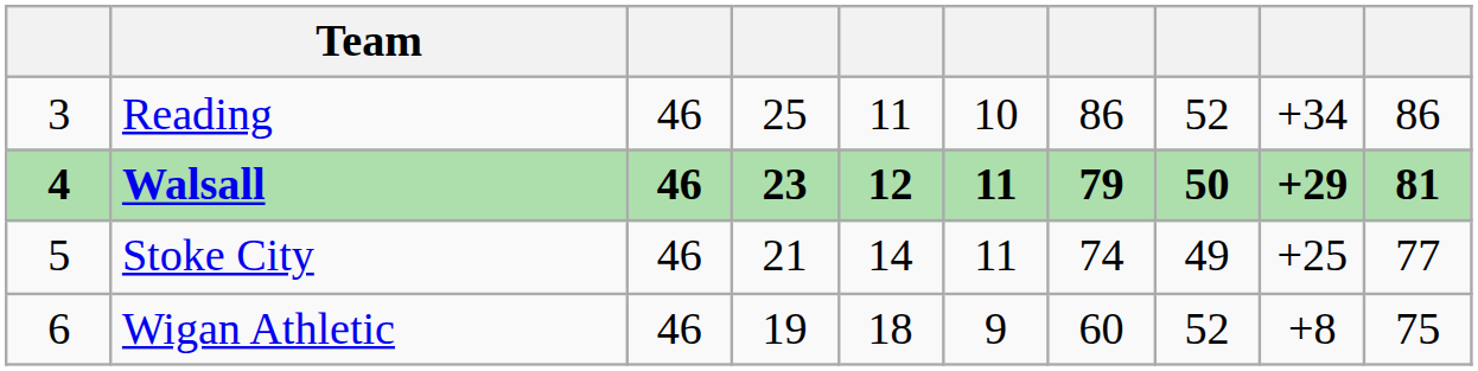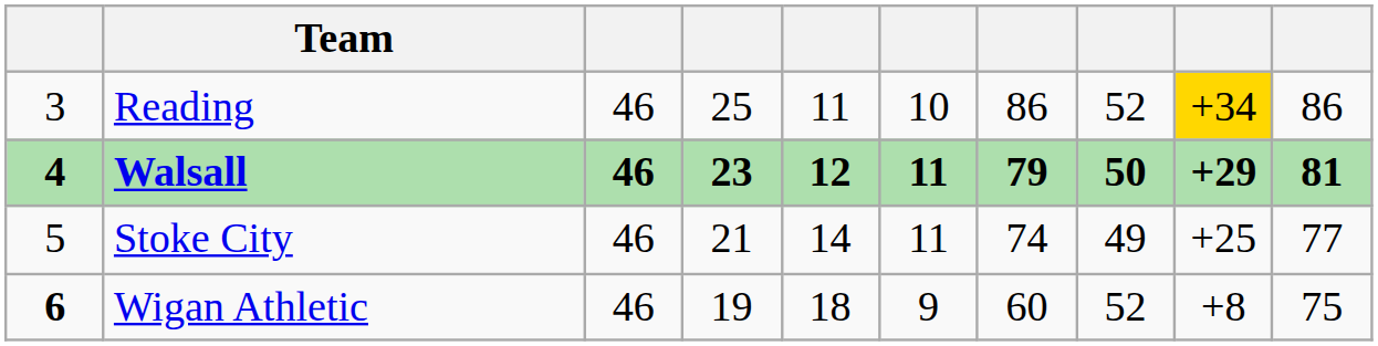 <table class="wikitable" style="text-align:center">
 <tr>
 <th width="30"></th>
 <th width="175">Team</th>
 <th width="30"></th>
 <th width="30"></th>
 <th width="30"></th>
 <th width="30"></th>
 <th width="30"></th>
 <th width="30"></th>
 <th width="30"></th>
 <th width="30"></th>
 </tr>
 <tr>
 <td>3</td>
 <td align=left><a href='#'>Reading</a></td>
 <td>46</td>
 <td>25</td>
 <td>11</td>
 <td>10</td>
 <td>86</td>
 <td>52</td>
-<td>+34</td>
+<td style="background: gold;">+34</td>
 <td>86</td>
 </tr>
 <tr bgcolor=#ADDFAD>
 <td><strong>4</strong></td>
 <td align=left><strong><a href='#'>Walsall</a></strong></td>
 <td><strong>46</strong></td>
 <td><strong>23</strong></td>
 <td><strong>12</strong></td>
 <td><strong>11</strong></td>
 <td><strong>79</strong></td>
 <td><strong>50</strong></td>
 <td><strong>+29</strong></td>
 <td><strong>81</strong></td>
 </tr>
 <tr>
 <td>5</td>
 <td align=left><a href='#'>Stoke City</a></td>
 <td>46</td>
 <td>21</td>
 <td>14</td>
 <td>11</td>
 <td>74</td>
 <td>49</td>
 <td>+25</td>
 <td>77</td>
 </tr>
 <tr>
-<td>6</td>
+<td><strong>6</strong></td>
 <td align=left><a href='#'>Wigan Athletic</a></td>
 <td>46</td>
 <td>19</td>
 <td>18</td>
 <td>9</td>
 <td>60</td>
 <td>52</td>
 <td>+8</td>
 <td>75</td>
 </tr>
 </table>
